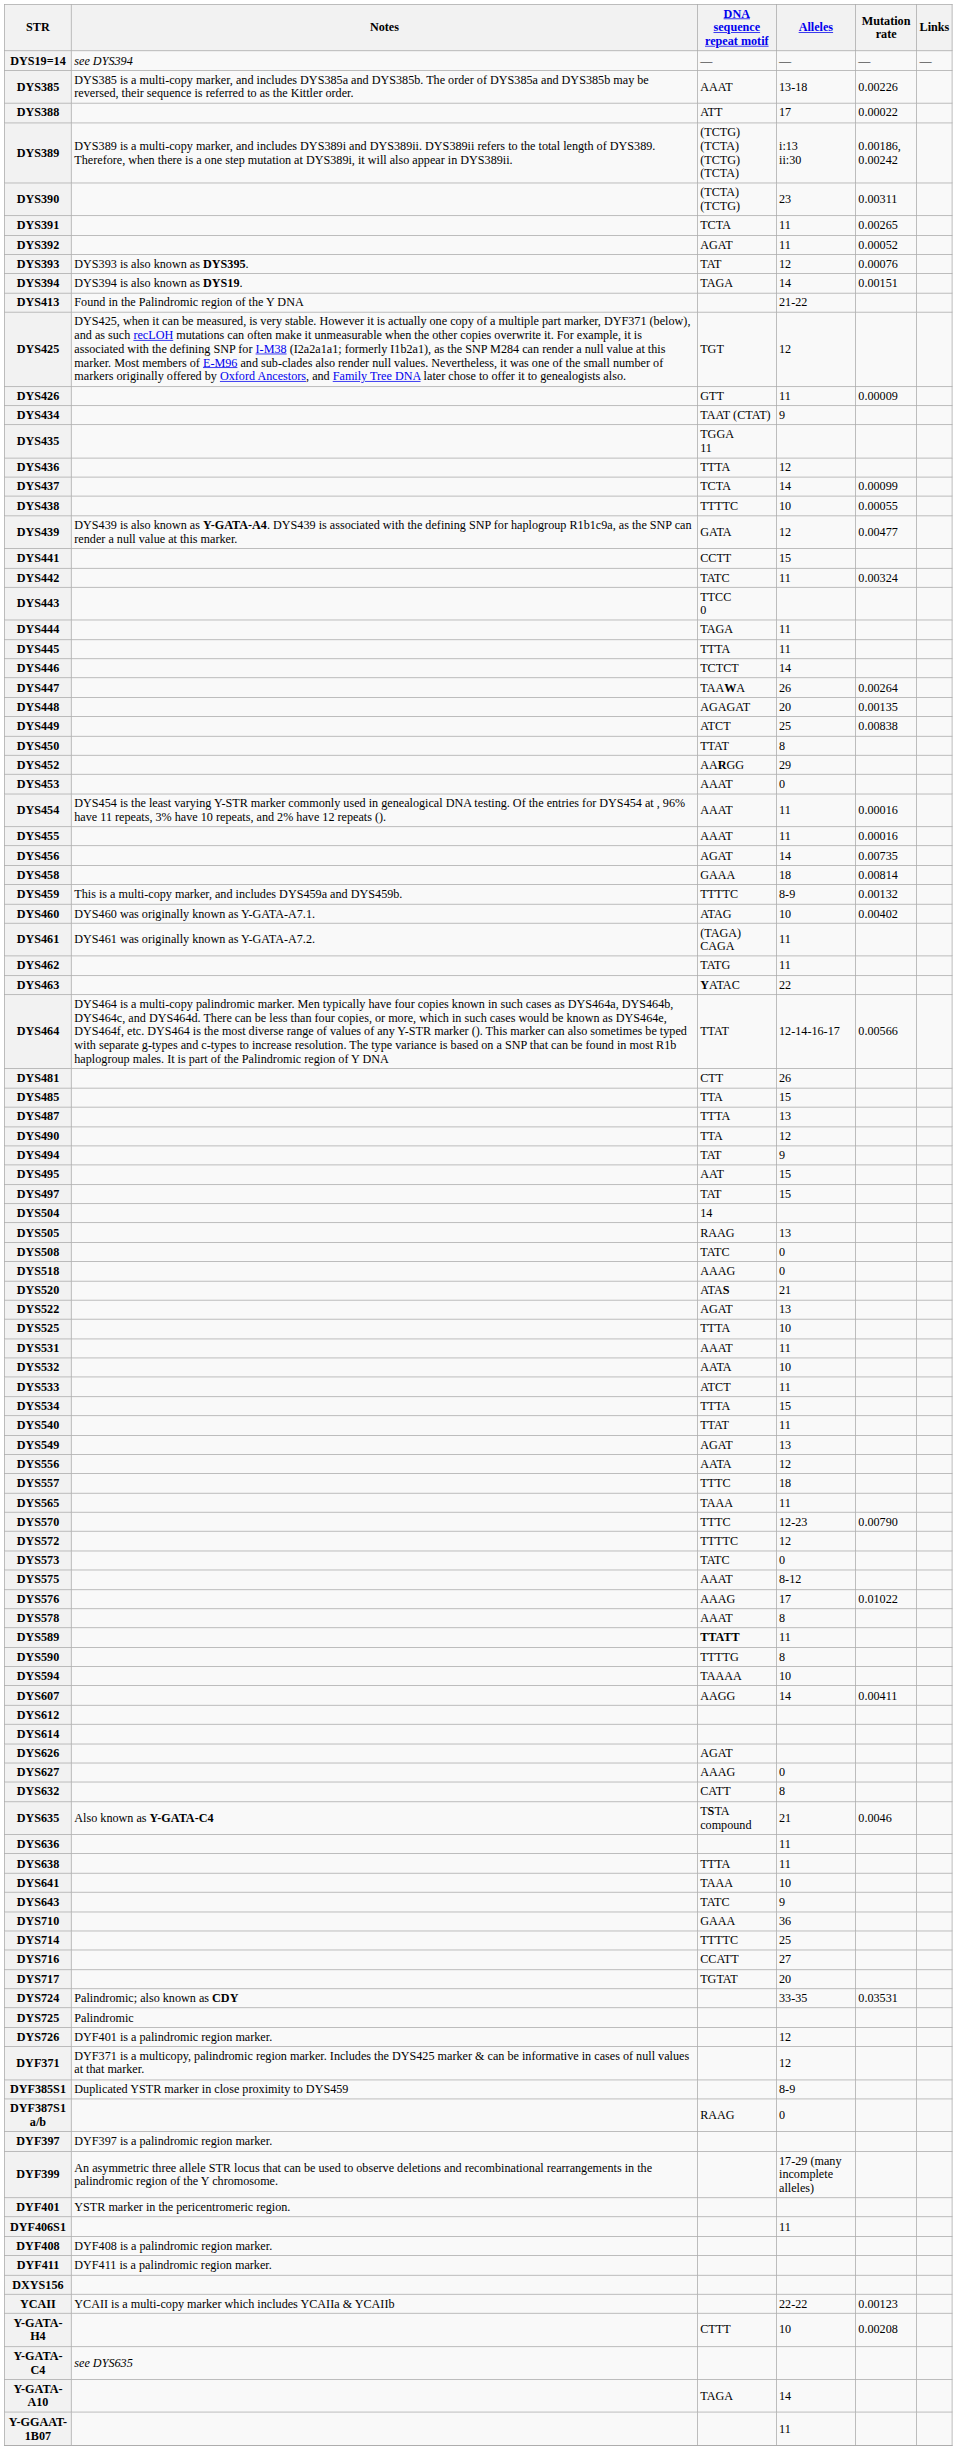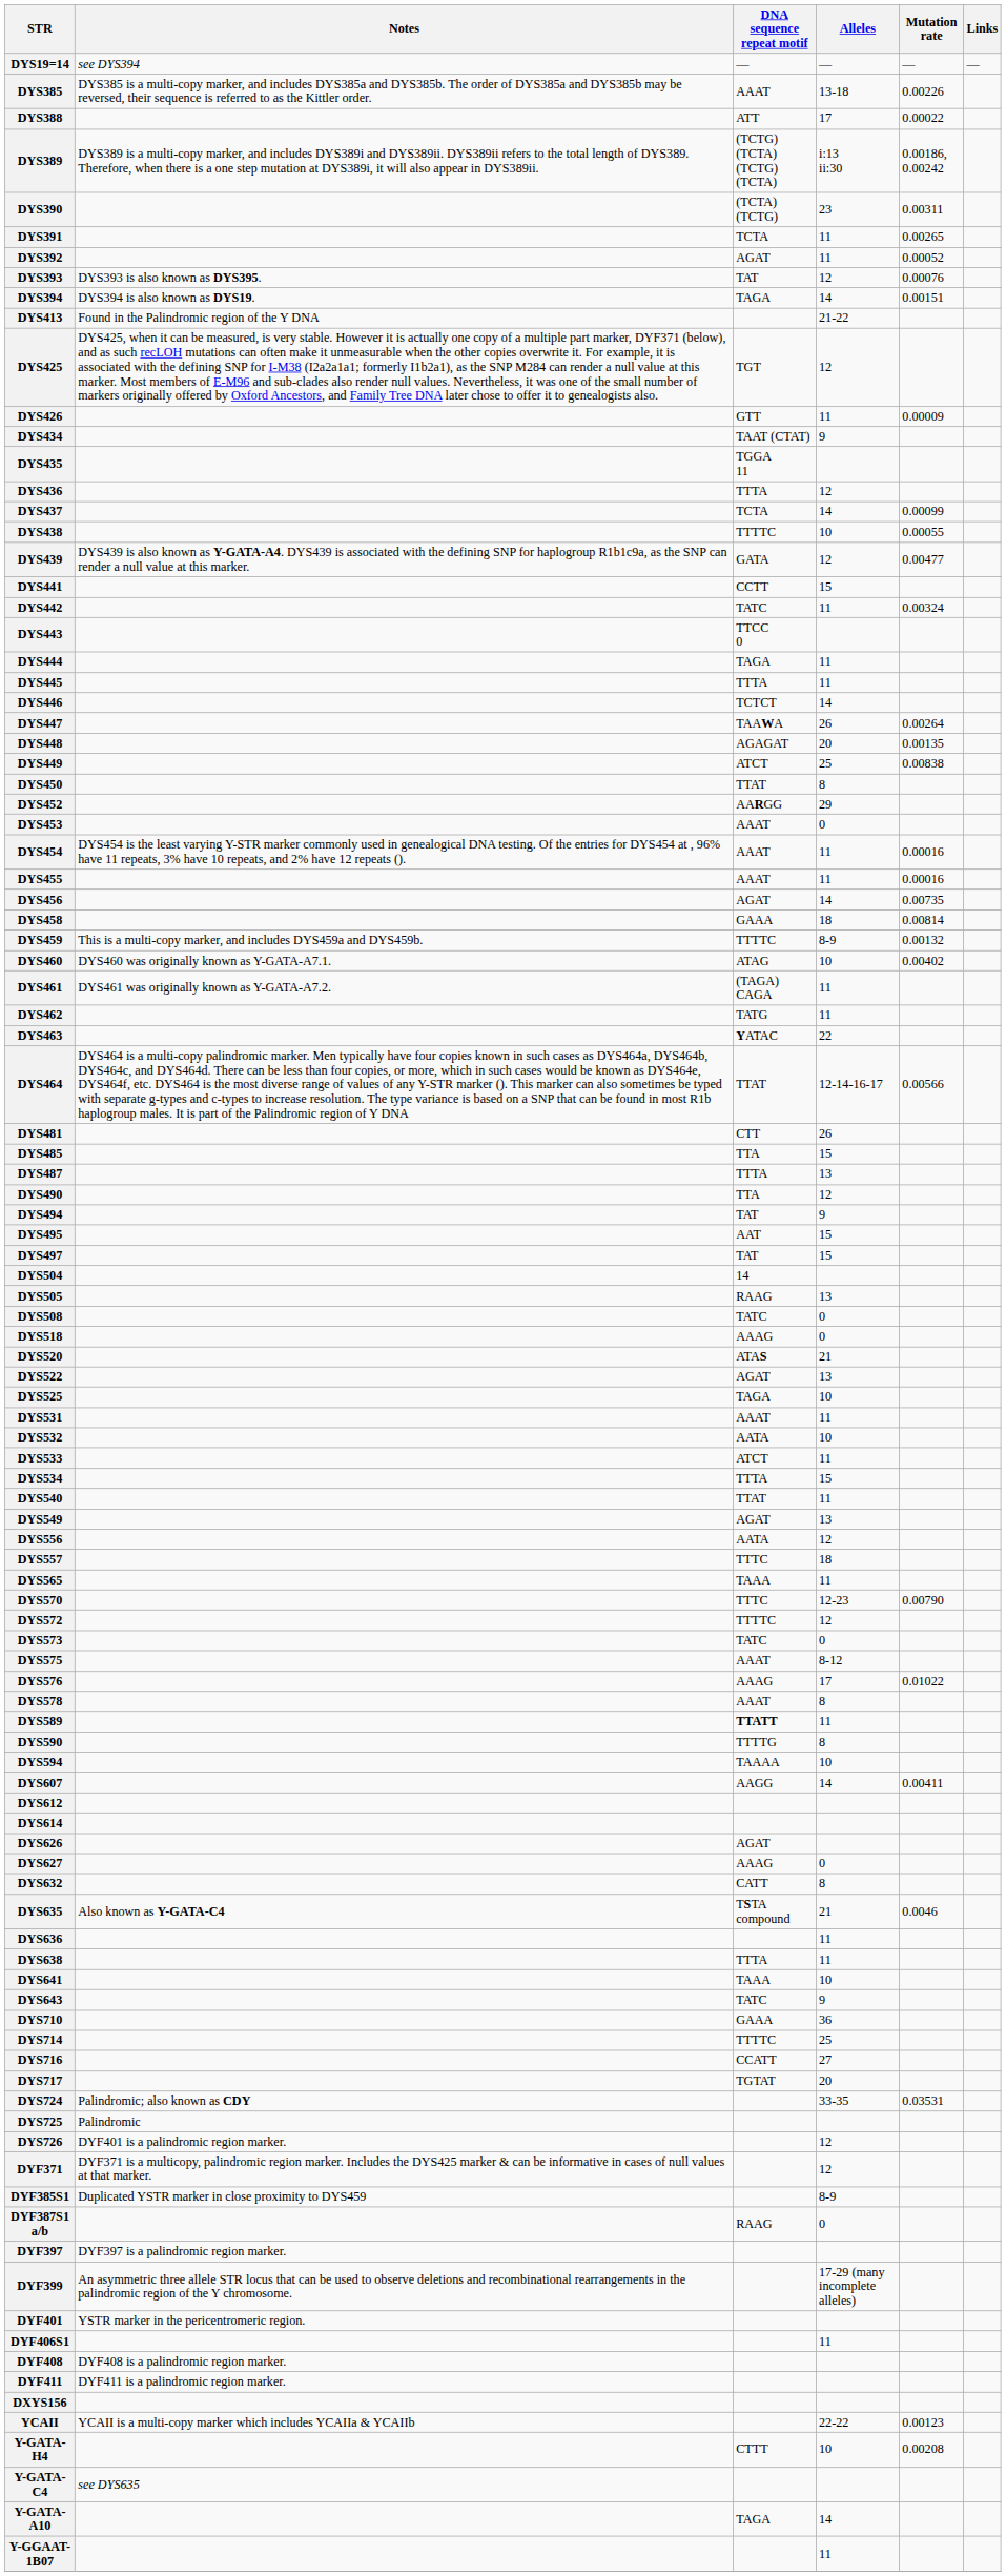 <table class="wikitable sortable">
 <tr>
 <th scope="col">STR</th>
 <th scope="col">Notes</th>
 <th scope="col"><a href='#'>DNA sequence</a> <a href='#'>repeat motif</a></th>
 <th scope="col"><a href='#'>Alleles</a></th>
 <th scope="col">Mutation rate</th>
 <th scope="col">Links</th>
 </tr>
 <tr>
 <th>DYS19=14</th>
 <td><em>see DYS394</em></td>
 <td>—</td>
 <td>—</td>
 <td>—</td>
 <td>—</td>
 </tr>
 <tr>
 <th>DYS385</th>
 <td>DYS385 is a multi-copy marker, and includes DYS385a and DYS385b. The order of DYS385a and DYS385b may be reversed, their sequence is referred to as the Kittler order.</td>
 <td>AAAT</td>
 <td>13-18</td>
 <td>0.00226</td>
 <td></td>
 </tr>
 <tr>
 <th>DYS388</th>
 <td></td>
 <td>ATT</td>
 <td>17</td>
 <td>0.00022 </td>
 <td></td>
 </tr>
 <tr>
 <th>DYS389</th>
 <td>DYS389 is a multi-copy marker, and includes DYS389i and DYS389ii.  DYS389ii refers to the total length of DYS389. Therefore, when there is a one step mutation at DYS389i, it will also appear in DYS389ii.</td>
 <td>(TCTG) (TCTA) (TCTG) (TCTA)</td>
 <td>i:13<br>ii:30</td>
 <td>0.00186, 0.00242</td>
 <td></td>
 </tr>
 <tr>
 <th>DYS390</th>
 <td></td>
 <td>(TCTA) (TCTG)</td>
 <td>23</td>
 <td>0.00311</td>
 <td></td>
 </tr>
 <tr>
 <th>DYS391</th>
 <td></td>
 <td>TCTA</td>
 <td>11</td>
 <td>0.00265</td>
 <td></td>
 </tr>
 <tr>
 <th>DYS392</th>
 <td></td>
 <td>AGAT</td>
 <td>11</td>
 <td>0.00052 </td>
 <td></td>
 </tr>
 <tr>
 <th>DYS393</th>
 <td>DYS393 is also known as <strong>DYS395</strong>.</td>
 <td>TAT</td>
 <td>12</td>
 <td>0.00076</td>
 <td></td>
 </tr>
 <tr>
 <th>DYS394</th>
 <td>DYS394 is also known as <strong>DYS19</strong>.</td>
 <td>TAGA</td>
 <td>14</td>
 <td>0.00151</td>
 <td></td>
 </tr>
 <tr>
 <th>DYS413</th>
 <td>Found in the Palindromic region of the Y DNA</td>
 <td></td>
 <td>21-22</td>
 <td></td>
 <td></td>
 </tr>
 <tr>
 <th>DYS425</th>
 <td>DYS425, when it can be measured, is very stable. However it is actually one copy of a multiple part marker, DYF371 (below), and as such <a href='#'>recLOH</a> mutations can often make it unmeasurable when the other copies overwrite it. For example, it is associated with the defining SNP for <a href='#'>I-M38</a> (I2a2a1a1; formerly I1b2a1), as the SNP M284 can render a null value at this marker. Most members of <a href='#'>E-M96</a> and sub-clades also render null values. Nevertheless, it was one of the small number of markers originally offered by <a href='#'>Oxford Ancestors</a>, and <a href='#'>Family Tree DNA</a> later chose to offer it to genealogists also.</td>
 <td>TGT</td>
 <td>12</td>
 <td></td>
 <td></td>
 </tr>
 <tr>
 <th>DYS426</th>
 <td></td>
 <td>GTT</td>
 <td>11</td>
 <td>0.00009 </td>
 <td></td>
 </tr>
 <tr>
 <th>DYS434</th>
 <td></td>
 <td>TAAT (CTAT)</td>
 <td>9</td>
 <td></td>
 <td></td>
 </tr>
 <tr>
 <th>DYS435</th>
 <td></td>
 <td>TGGA<br>11</td>
 <td></td>
 <td></td>
 </tr>
 <tr>
 <th>DYS436</th>
 <td></td>
 <td>TTTA</td>
 <td>12</td>
 <td></td>
 <td></td>
 </tr>
 <tr>
 <th>DYS437</th>
 <td></td>
 <td>TCTA</td>
 <td>14</td>
 <td>0.00099</td>
 <td></td>
 </tr>
 <tr>
 <th>DYS438</th>
 <td></td>
 <td>TTTTC</td>
 <td>10</td>
 <td>0.00055</td>
 <td></td>
 </tr>
 <tr>
 <th>DYS439</th>
 <td>DYS439 is also known as <strong>Y-GATA-A4</strong>. DYS439 is associated with the defining SNP for haplogroup R1b1c9a, as the SNP can render a null value at this marker.</td>
 <td>GATA</td>
 <td>12</td>
 <td>0.00477</td>
 <td></td>
 </tr>
 <tr>
 <th>DYS441</th>
 <td></td>
 <td>CCTT</td>
 <td>15</td>
 <td></td>
 <td></td>
 </tr>
 <tr>
 <th>DYS442</th>
 <td></td>
 <td>TATC</td>
 <td>11</td>
 <td>0.00324</td>
 <td></td>
 </tr>
 <tr>
 <th>DYS443</th>
 <td></td>
 <td>TTCC<br>0</td>
 <td></td>
 <td></td>
 </tr>
 <tr>
 <th>DYS444</th>
 <td></td>
 <td>TAGA</td>
 <td>11</td>
 <td></td>
 <td></td>
 </tr>
 <tr>
 <th>DYS445</th>
 <td></td>
 <td>TTTA</td>
 <td>11</td>
 <td></td>
 <td></td>
 </tr>
 <tr>
 <th>DYS446</th>
 <td></td>
 <td>TCTCT</td>
 <td>14</td>
 <td></td>
 <td></td>
 </tr>
 <tr>
 <th>DYS447</th>
 <td></td>
 <td>TAA<strong>W</strong>A</td>
 <td>26</td>
 <td>0.00264</td>
 <td></td>
 </tr>
 <tr>
 <th>DYS448</th>
 <td></td>
 <td>AGAGAT</td>
 <td>20</td>
 <td>0.00135</td>
 <td></td>
 </tr>
 <tr>
 <th>DYS449</th>
 <td></td>
 <td>ATCT</td>
 <td>25</td>
 <td>0.00838</td>
 <td><br></td>
 </tr>
 <tr>
 <th>DYS450</th>
 <td></td>
 <td>TTAT</td>
 <td>8</td>
 <td></td>
 <td></td>
 </tr>
 <tr>
 <th>DYS452</th>
 <td></td>
 <td>AA<strong>R</strong>GG</td>
 <td>29</td>
 <td></td>
 <td></td>
 </tr>
 <tr>
 <th>DYS453</th>
 <td></td>
 <td>AAAT</td>
 <td>0</td>
 <td></td>
 <td></td>
 </tr>
 <tr>
 <th><div>DYS454</div></th>
 <td>DYS454 is the least varying Y-STR marker commonly used in genealogical DNA testing.  Of the entries for DYS454 at , 96% have 11 repeats, 3% have 10 repeats, and 2% have 12 repeats ().</td>
 <td>AAAT</td>
 <td>11</td>
 <td>0.00016</td>
 <td></td>
 </tr>
 <tr>
 <th>DYS455</th>
 <td></td>
 <td>AAAT</td>
 <td>11</td>
 <td>0.00016</td>
 <td></td>
 </tr>
 <tr>
 <th>DYS456</th>
 <td></td>
 <td>AGAT</td>
 <td>14</td>
 <td>0.00735</td>
 <td></td>
 </tr>
 <tr>
 <th>DYS458</th>
 <td></td>
 <td>GAAA</td>
 <td>18</td>
 <td>0.00814</td>
 <td></td>
 </tr>
 <tr>
 <th>DYS459</th>
 <td>This is a multi-copy marker, and includes DYS459a and DYS459b.</td>
 <td>TTTTC</td>
 <td>8-9</td>
 <td>0.00132</td>
 <td></td>
 </tr>
 <tr>
 <th>DYS460</th>
 <td>DYS460 was originally known as Y-GATA-A7.1.</td>
 <td>ATAG</td>
 <td>10</td>
 <td>0.00402</td>
 <td></td>
 </tr>
 <tr>
 <th>DYS461</th>
 <td>DYS461 was originally known as Y-GATA-A7.2.</td>
 <td>(TAGA) CAGA</td>
 <td>11</td>
 <td></td>
 <td></td>
 </tr>
 <tr>
 <th>DYS462</th>
 <td></td>
 <td>TATG</td>
 <td>11</td>
 <td></td>
 <td></td>
 </tr>
 <tr>
 <th>DYS463</th>
 <td></td>
 <td><strong>Y</strong>ATAC</td>
 <td>22</td>
 <td></td>
 <td></td>
 </tr>
 <tr>
 <th><div>DYS464</div></th>
 <td>DYS464 is a multi-copy palindromic marker. Men typically have four copies known in such cases as DYS464a, DYS464b, DYS464c, and DYS464d. There can be less than four copies, or more, which in such cases would be known as DYS464e, DYS464f, etc.  DYS464 is the most diverse range of values of any Y-STR marker (). This marker can also sometimes be typed with separate g-types and c-types to increase resolution. The type variance is based on a SNP that can be found in most R1b haplogroup males. It is part of the Palindromic region of Y DNA</td>
 <td>TTAT</td>
 <td>12-14-16-17</td>
 <td>0.00566</td>
 <td><br><br><br> </td>
 </tr>
 <tr>
 <th>DYS481</th>
 <td></td>
 <td>CTT</td>
 <td>26</td>
 <td></td>
 <td></td>
 </tr>
 <tr>
 <th>DYS485</th>
 <td></td>
 <td>TTA</td>
 <td>15</td>
 <td></td>
 <td></td>
 </tr>
 <tr>
 <th>DYS487</th>
 <td></td>
 <td>TTTA</td>
 <td>13</td>
 <td></td>
 <td></td>
 </tr>
 <tr>
 <th>DYS490</th>
 <td></td>
 <td>TTA</td>
 <td>12</td>
 <td></td>
 <td></td>
 </tr>
 <tr>
 <th>DYS494</th>
 <td></td>
 <td>TAT</td>
 <td>9</td>
 <td></td>
 <td></td>
 </tr>
 <tr>
 <th>DYS495</th>
 <td></td>
 <td>AAT</td>
 <td>15</td>
 <td></td>
 <td></td>
 </tr>
 <tr>
 <th>DYS497</th>
 <td></td>
 <td>TAT</td>
 <td>15</td>
 <td></td>
 <td></td>
 </tr>
 <tr>
 <th>DYS504</th>
 <td></td>
 <td>14</td>
 <td></td>
 <td></td>
 <td></td>
 </tr>
 <tr>
 <th>DYS505</th>
 <td></td>
 <td>RAAG</td>
 <td>13</td>
 <td></td>
 <td></td>
 </tr>
 <tr>
 <th>DYS508</th>
 <td></td>
 <td>TATC</td>
 <td>0</td>
 <td></td>
 <td></td>
 </tr>
 <tr>
 <th>DYS518</th>
 <td></td>
 <td>AAAG</td>
 <td>0</td>
 <td></td>
 <td></td>
 </tr>
 <tr>
 <th>DYS520</th>
 <td></td>
 <td>ATA<strong>S</strong></td>
 <td>21</td>
 <td></td>
 <td></td>
 </tr>
 <tr>
 <th>DYS522</th>
 <td></td>
 <td>AGAT</td>
 <td>13</td>
 <td></td>
 <td></td>
 </tr>
 <tr>
 <th>DYS525</th>
 <td></td>
-<td>TTTA</td>
+<td>TAGA</td>
 <td>10</td>
 <td></td>
 <td></td>
 </tr>
 <tr>
 <th>DYS531</th>
 <td></td>
 <td>AAAT</td>
 <td>11</td>
 <td></td>
 <td></td>
 </tr>
 <tr>
 <th>DYS532</th>
 <td></td>
 <td>AATA</td>
 <td>10</td>
 <td></td>
 <td></td>
 </tr>
 <tr>
 <th>DYS533</th>
 <td></td>
 <td>ATCT</td>
 <td>11</td>
 <td></td>
 <td></td>
 </tr>
 <tr>
 <th>DYS534</th>
 <td></td>
 <td>TTTA</td>
 <td>15</td>
 <td></td>
 <td></td>
 </tr>
 <tr>
 <th>DYS540</th>
 <td></td>
 <td>TTAT</td>
 <td>11</td>
 <td></td>
 <td></td>
 </tr>
 <tr>
 <th>DYS549</th>
 <td></td>
 <td>AGAT</td>
 <td>13</td>
 <td></td>
 <td></td>
 </tr>
 <tr>
 <th>DYS556</th>
 <td></td>
 <td>AATA</td>
 <td>12</td>
 <td></td>
 <td></td>
 </tr>
 <tr>
 <th>DYS557</th>
 <td></td>
 <td>TTTC</td>
 <td>18</td>
 <td></td>
 <td></td>
 </tr>
 <tr>
 <th>DYS565</th>
 <td></td>
 <td>TAAA</td>
 <td>11</td>
 <td></td>
 <td></td>
 </tr>
 <tr>
 <th>DYS570</th>
 <td></td>
 <td>TTTC</td>
 <td>12-23</td>
 <td>0.00790</td>
 <td></td>
 </tr>
 <tr>
 <th>DYS572</th>
 <td></td>
 <td>TTTTC</td>
 <td>12</td>
 <td></td>
 <td></td>
 </tr>
 <tr>
 <th>DYS573</th>
 <td></td>
 <td>TATC</td>
 <td>0</td>
 <td></td>
 <td></td>
 </tr>
 <tr>
 <th>DYS575</th>
 <td></td>
 <td>AAAT</td>
 <td>8-12</td>
 <td></td>
 <td></td>
 </tr>
 <tr>
 <th>DYS576</th>
 <td></td>
 <td>AAAG</td>
 <td>17</td>
 <td>0.01022</td>
 <td></td>
 </tr>
 <tr>
 <th>DYS578</th>
 <td></td>
 <td>AAAT</td>
 <td>8</td>
 <td></td>
 <td></td>
 </tr>
 <tr>
 <th>DYS589</th>
 <td></td>
 <td><strong>TTATT</strong></td>
 <td>11</td>
 <td></td>
 <td></td>
 </tr>
 <tr>
 <th>DYS590</th>
 <td></td>
 <td>TTTTG</td>
 <td>8</td>
 <td></td>
 <td></td>
 </tr>
 <tr>
 <th>DYS594</th>
 <td></td>
 <td>TAAAA</td>
 <td>10</td>
 <td></td>
 <td></td>
 </tr>
 <tr>
 <th>DYS607</th>
 <td></td>
 <td>AAGG</td>
 <td>14</td>
 <td>0.00411</td>
 <td></td>
 </tr>
 <tr>
 <th>DYS612</th>
 <td></td>
 <td></td>
 <td></td>
 <td></td>
 <td></td>
 </tr>
 <tr>
 <th>DYS614</th>
 <td></td>
 <td></td>
 <td></td>
 <td></td>
 <td></td>
 </tr>
 <tr>
 <th>DYS626</th>
 <td></td>
 <td>AGAT</td>
 <td></td>
 <td></td>
 <td></td>
 </tr>
 <tr>
 <th>DYS627</th>
 <td></td>
 <td>AAAG</td>
 <td>0</td>
 <td></td>
 <td></td>
 </tr>
 <tr>
 <th>DYS632</th>
 <td></td>
 <td>CATT</td>
 <td>8</td>
 <td></td>
 <td></td>
 </tr>
 <tr>
 <th>DYS635</th>
 <td>Also known as <strong>Y-GATA-C4</strong></td>
 <td>T<strong>S</strong>TA compound</td>
 <td>21</td>
 <td>0.0046</td>
 <td></td>
 </tr>
 <tr>
 <th>DYS636</th>
 <td></td>
 <td></td>
 <td>11</td>
 <td></td>
 <td></td>
 </tr>
 <tr>
 <th>DYS638</th>
 <td></td>
 <td>TTTA</td>
 <td>11</td>
 <td></td>
 <td></td>
 </tr>
 <tr>
 <th>DYS641</th>
 <td></td>
 <td>TAAA</td>
 <td>10</td>
 <td></td>
 <td></td>
 </tr>
 <tr>
 <th>DYS643</th>
 <td></td>
 <td>TATC</td>
 <td>9</td>
 <td></td>
 <td></td>
 </tr>
 <tr>
 <th>DYS710</th>
 <td></td>
 <td>GAAA</td>
 <td>36</td>
 <td></td>
 <td></td>
 </tr>
 <tr>
 <th>DYS714</th>
 <td></td>
 <td>TTTTC</td>
 <td>25</td>
 <td></td>
 <td></td>
 </tr>
 <tr>
 <th>DYS716</th>
 <td></td>
 <td>CCATT</td>
 <td>27</td>
 <td></td>
 <td></td>
 </tr>
 <tr>
 <th>DYS717</th>
 <td></td>
 <td>TGTAT</td>
 <td>20</td>
 <td></td>
 <td></td>
 </tr>
 <tr>
 <th>DYS724</th>
 <td>Palindromic; also known as <strong>CDY</strong></td>
 <td></td>
 <td>33-35</td>
 <td>0.03531</td>
 <td></td>
 </tr>
 <tr>
 <th>DYS725</th>
 <td>Palindromic</td>
 <td></td>
 <td></td>
 <td></td>
 <td></td>
 </tr>
 <tr>
 <th>DYS726</th>
 <td>DYF401 is a palindromic region marker.</td>
 <td></td>
 <td>12</td>
 <td></td>
 <td></td>
 </tr>
 <tr>
 <th>DYF371</th>
 <td>DYF371 is a multicopy, palindromic region marker. Includes the DYS425 marker & can be informative in cases of null values at that marker.</td>
 <td></td>
 <td>12</td>
 <td></td>
 <td></td>
 </tr>
 <tr>
 <th>DYF385S1</th>
 <td>Duplicated YSTR marker in close proximity to DYS459</td>
 <td></td>
 <td>8-9</td>
 <td></td>
 <td></td>
 </tr>
 <tr>
 <th>DYF387S1 a/b</th>
 <td></td>
 <td>RAAG</td>
 <td>0</td>
 <td></td>
 <td></td>
 </tr>
 <tr>
 <th>DYF397</th>
 <td>DYF397 is a palindromic region marker.</td>
 <td></td>
 <td></td>
 <td></td>
 <td></td>
 </tr>
 <tr>
 <th><div>DYF399</div></th>
 <td>An asymmetric three allele STR locus that can be used to observe deletions and recombinational rearrangements in the palindromic region of the Y chromosome.</td>
 <td></td>
 <td>17-29 (many incomplete alleles)</td>
 <td></td>
 <td></td>
 </tr>
 <tr>
 <th>DYF401</th>
 <td>YSTR marker in the pericentromeric region.</td>
 <td></td>
 <td></td>
 <td></td>
 <td></td>
 </tr>
 <tr>
 <th>DYF406S1</th>
 <td></td>
 <td></td>
 <td>11</td>
 <td></td>
 <td></td>
 </tr>
 <tr>
 <th>DYF408</th>
 <td>DYF408 is a palindromic region marker.</td>
 <td></td>
 <td></td>
 <td></td>
 <td></td>
 </tr>
 <tr>
 <th>DYF411</th>
 <td>DYF411 is a palindromic region marker.</td>
 <td></td>
 <td></td>
 <td></td>
 <td></td>
 </tr>
 <tr>
 <th>DXYS156</th>
 <td></td>
 <td></td>
 <td></td>
 <td></td>
 <td></td>
 </tr>
 <tr>
 <th>YCAII</th>
 <td>YCAII is a multi-copy marker which includes YCAIIa & YCAIIb</td>
 <td></td>
 <td>22-22</td>
 <td>0.00123</td>
 <td></td>
 </tr>
 <tr>
 <th>Y-GATA-H4</th>
 <td></td>
 <td>CTTT</td>
 <td>10</td>
 <td>0.00208</td>
 <td></td>
 </tr>
 <tr>
 <th>Y-GATA-C4</th>
 <td><em>see DYS635</em></td>
 <td></td>
 <td></td>
 <td></td>
 <td></td>
 </tr>
 <tr>
 <th>Y-GATA-A10</th>
 <td></td>
 <td>TAGA</td>
 <td>14</td>
 <td></td>
 <td></td>
 </tr>
 <tr>
 <th>Y-GGAAT-1B07</th>
 <td></td>
 <td></td>
 <td>11</td>
 <td></td>
 <td></td>
 </tr>
 <tr>
 </tr>
 </table>
